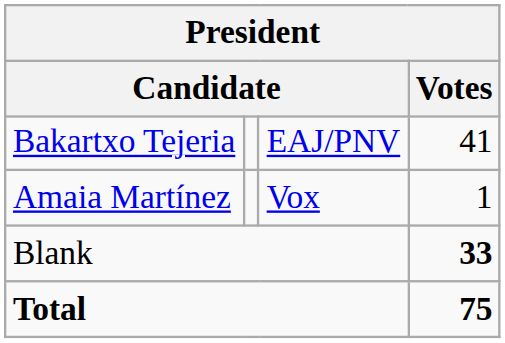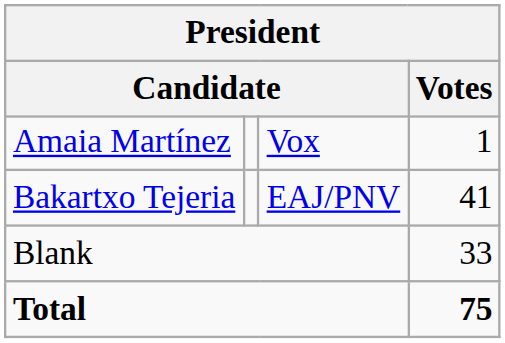 <table class="wikitable" style="font-size:90%; text-align:right;">
 <tr>
 <th colspan="4">President</th>
 </tr>
 <tr>
 <th colspan="3" valign="bottom">Candidate</th>
 <th>Votes</th>
 </tr>
 <tr>
+<td align=left><a href='#'>Amaia Martínez</a></td>
+<td style="background:"></td>
+<td align=left><a href='#'>Vox</a></td>
+<td>1</td>
+</tr>
+<tr>
 <td align=left><a href='#'>Bakartxo Tejeria</a></td>
 <td style="background:"></td>
 <td align=left><a href='#'>EAJ/PNV</a></td>
 <td>41</td>
 </tr>
 <tr>
-<td align=left><a href='#'>Amaia Martínez</a></td>
-<td style="background:"></td>
-<td align=left><a href='#'>Vox</a></td>
-<td>1</td>
-</tr>
-<tr>
 <td align=left colspan="3">Blank</td>
-<td><strong>33</strong></td>
+<td>33</td>
 </tr>
 <tr style="font-weight:bold">
 <td align=left colspan="3">Total</td>
 <td>75</td>
 </tr>
 </table>
